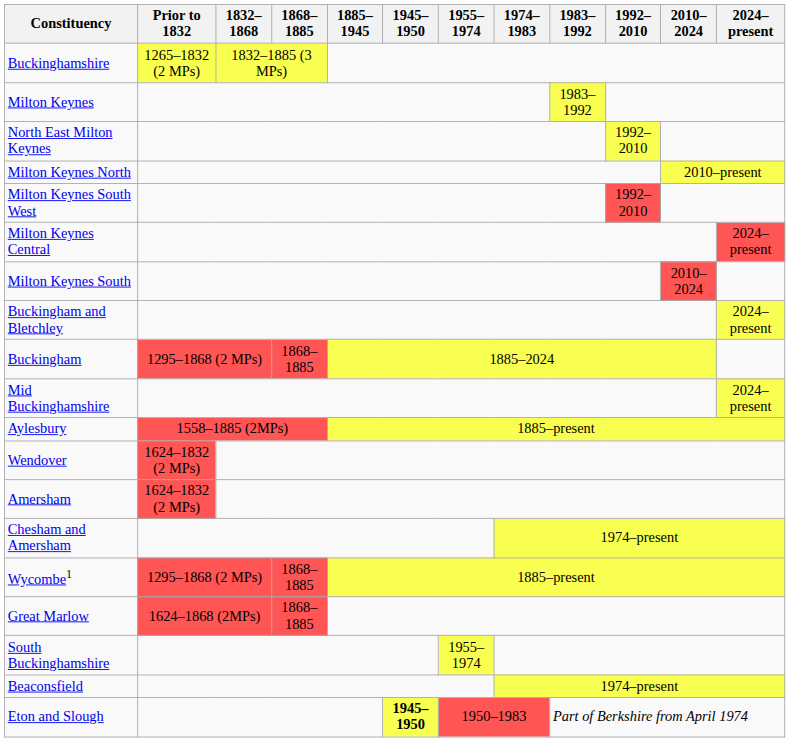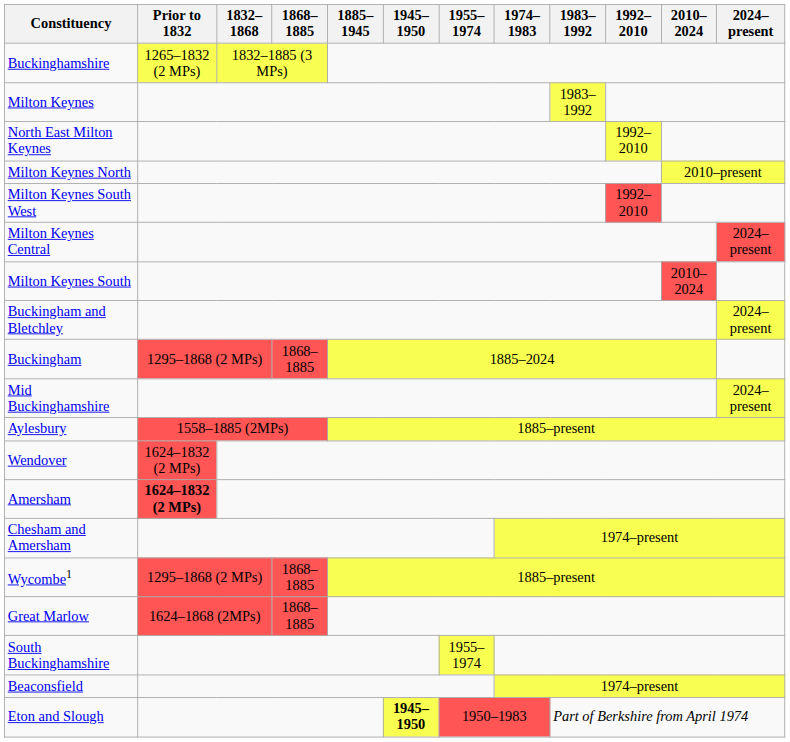 <table class="wikitable">
 <tr>
 <th>Constituency</th>
 <th>Prior to 1832</th>
 <th>1832–1868</th>
 <th>1868–1885</th>
 <th>1885–1945</th>
 <th>1945–1950</th>
 <th>1955–1974</th>
 <th>1974–1983</th>
 <th>1983–1992</th>
 <th>1992–2010</th>
 <th>2010–2024</th>
 <th>2024–present</th>
 </tr>
 <tr>
 <td><a href='#'>Buckinghamshire</a></td>
 <td align="center" bgcolor="#f9ff50">1265–1832 (2 MPs)</td>
 <td align="center" bgcolor="#f9ff50" colspan="2">1832–1885 (3 MPs)</td>
 <td colspan="8"></td>
 </tr>
 <tr>
 <td><a href='#'>Milton Keynes</a></td>
 <td colspan="7"></td>
 <td align="center" bgcolor="#f9ff50">1983–1992</td>
 <td colspan="3"></td>
 </tr>
 <tr>
 <td><a href='#'>North East Milton Keynes</a></td>
 <td colspan="8"></td>
 <td align="center" bgcolor="#f9ff50">1992–2010</td>
 <td colspan="2"></td>
 </tr>
 <tr>
 <td><a href='#'>Milton Keynes North</a></td>
 <td colspan="9"></td>
 <td colspan="2" align="center" bgcolor="#f9ff50">2010–present</td>
 </tr>
 <tr>
 <td><a href='#'>Milton Keynes South West</a></td>
 <td colspan="8"></td>
 <td align="center" bgcolor="#ff5555">1992–2010</td>
 <td colspan="2"></td>
 </tr>
 <tr>
 <td><a href='#'>Milton Keynes Central</a></td>
 <td colspan="10"></td>
 <td align="center" bgcolor="#ff5555">2024–present</td>
 </tr>
 <tr>
 <td><a href='#'>Milton Keynes South</a></td>
 <td colspan="9"></td>
 <td align="center" bgcolor="#ff5555">2010–2024</td>
 <td></td>
 </tr>
 <tr>
 <td><a href='#'>Buckingham and Bletchley</a></td>
 <td colspan="10"></td>
 <td align="center" bgcolor="#f9ff50">2024–present</td>
 </tr>
 <tr>
 <td><a href='#'>Buckingham</a></td>
 <td colspan="2" align="center" bgcolor="#ff5555">1295–1868 (2 MPs)</td>
 <td align="center" bgcolor="#ff5555">1868–1885</td>
 <td colspan="7" align="center" bgcolor="#f9ff50">1885–2024</td>
 <td></td>
 </tr>
 <tr>
 <td><a href='#'>Mid Buckinghamshire</a></td>
 <td colspan="10"></td>
 <td align="center" bgcolor="#f9ff50">2024–present</td>
 </tr>
 <tr>
 <td><a href='#'>Aylesbury</a></td>
 <td colspan="3" align="center" bgcolor="#ff5555">1558–1885 (2MPs)</td>
 <td colspan="8" align="center" bgcolor="#f9ff50">1885–present</td>
 </tr>
 <tr>
 <td><a href='#'>Wendover</a></td>
 <td align="center" bgcolor="#ff5555">1624–1832 (2 MPs)</td>
 <td colspan="10"></td>
 </tr>
 <tr>
 <td><a href='#'>Amersham</a></td>
-<td align="center" bgcolor="#ff5555">1624–1832 (2 MPs)</td>
+<td align="center" bgcolor="#ff5555"><strong>1624–1832 (2 MPs)</strong></td>
 <td colspan="10"></td>
 </tr>
 <tr>
 <td><a href='#'>Chesham and Amersham</a></td>
 <td colspan="6"></td>
 <td colspan="5" align="center" bgcolor="#f9ff50">1974–present</td>
 </tr>
 <tr>
 <td><a href='#'>Wycombe</a><sup>1</sup></td>
 <td colspan="2" align="center" bgcolor="#ff5555">1295–1868 (2 MPs)</td>
 <td align="center" bgcolor="#ff5555">1868–1885</td>
 <td colspan="8" align="center" bgcolor="#f9ff50">1885–present</td>
 </tr>
 <tr>
 <td><a href='#'>Great Marlow</a></td>
 <td colspan="2" align="center" bgcolor="#ff5555">1624–1868 (2MPs)</td>
 <td align="center" bgcolor="#ff5555">1868–1885</td>
 <td colspan="8"></td>
 </tr>
 <tr>
 <td><a href='#'>South Buckinghamshire</a></td>
 <td colspan="5"></td>
 <td align="center" bgcolor="#f9ff50">1955–1974</td>
 <td colspan="5"></td>
 </tr>
 <tr>
 <td><a href='#'>Beaconsfield</a></td>
 <td colspan="6"></td>
 <td colspan="5" align="center" bgcolor="#f9ff50">1974–present</td>
 </tr>
 <tr>
 <td><a href='#'>Eton and Slough</a></td>
 <td colspan="4"></td>
 <td align="center" bgcolor="#f9ff50"><strong>1945–1950</strong></td>
 <td colspan="2" align="center" bgcolor="#ff5555">1950–1983</td>
 <td colspan="4"><em>Part of Berkshire from April 1974</em></td>
 </tr>
 </table>
